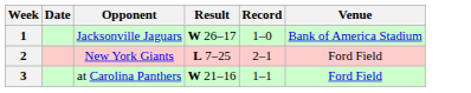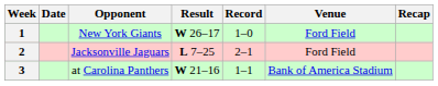 <table class="wikitable" style="text-align:center">
 <tr>
 <th>Week</th>
 <th>Date</th>
 <th>Opponent</th>
 <th>Result</th>
 <th>Record</th>
 <th>Venue</th>
+<th>Recap</th>
 </tr>
 <tr style="background:#cfc">
 <th>1</th>
 <td></td>
-<td><a href='#'>Jacksonville Jaguars</a></td>
+<td><a href='#'>New York Giants</a></td>
 <td><strong>W</strong> 26–17</td>
 <td>1–0</td>
-<td><a href='#'>Bank of America Stadium</a></td>
+<td><a href='#'>Ford Field</a></td>
+<td></td>
 </tr>
 <tr style="background:#fcc">
 <th>2</th>
 <td></td>
-<td><a href='#'>New York Giants</a></td>
+<td><a href='#'>Jacksonville Jaguars</a></td>
 <td><strong>L</strong> 7–25</td>
 <td>2–1</td>
 <td>Ford Field</td>
+<td></td>
 </tr>
 <tr style="background:#cfc">
 <th>3</th>
 <td></td>
 <td>at <a href='#'>Carolina Panthers</a></td>
 <td><strong>W</strong> 21–16</td>
 <td>1–1</td>
-<td><a href='#'>Ford Field</a></td>
+<td><a href='#'>Bank of America Stadium</a></td>
+<td></td>
 </tr>
 </table>
